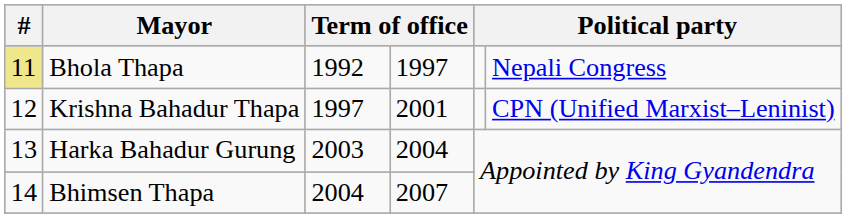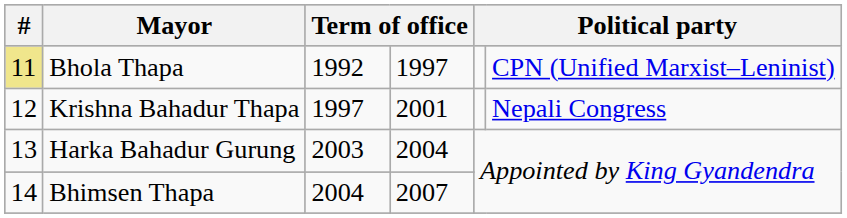 <table class="wikitable">
 <tr>
 <th>#</th>
 <th>Mayor</th>
 <th colspan="2">Term of office</th>
 <th colspan="2">Political party</th>
 </tr>
 <tr>
 <td style="background: khaki;">11</td>
 <td>Bhola Thapa</td>
 <td>1992</td>
 <td>1997</td>
 <td></td>
-<td><a href='#'>Nepali Congress</a></td>
+<td><a href='#'>CPN (Unified Marxist–Leninist)</a></td>
 </tr>
 <tr>
 <td>12</td>
 <td>Krishna Bahadur Thapa</td>
 <td>1997</td>
 <td>2001</td>
 <td></td>
-<td><a href='#'>CPN (Unified Marxist–Leninist)</a></td>
+<td><a href='#'>Nepali Congress</a></td>
 </tr>
 <tr>
 <td>13</td>
 <td>Harka Bahadur Gurung</td>
 <td>2003</td>
 <td>2004</td>
 <td colspan="2" rowspan="2"><em>Appointed by <a href='#'>King Gyandendra</a></em></td>
 </tr>
 <tr>
 <td>14</td>
 <td>Bhimsen Thapa</td>
 <td>2004</td>
 <td>2007</td>
 </tr>
 </table>
